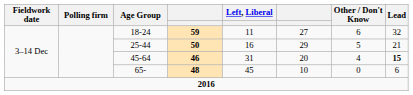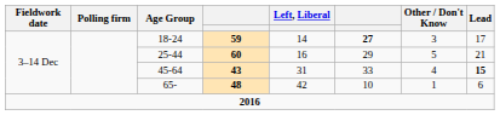 <table class="wikitable collapsible sortable" style="text-align:center;font-size:85%;line-height:14px">
 <tr>
 <th style="width:80px;" rowspan="2">Fieldwork date</th>
 <th style="width:80px;" rowspan="2">Polling firm</th>
 <th style="width:80px;" rowspan="2">Age Group</th>
 <th style="width:80px;" class="unsortable"></th>
 <th style="width:80px;" class="unsortable"><a href='#'>Left</a>, <a href='#'>Liberal</a></th>
 <th style="width:80px;" class="unsortable"></th>
 <th style="width:80px;" rowspan="2" class="unsortable">Other / Don't Know</th>
 <th class="unsortable" style="width:20px;" rowspan="2">Lead</th>
 </tr>
 <tr>
 <th class="unsortable" style="color:inherit;background:"></th>
 <th class="unsortable" style="color:inherit;background:"></th>
 <th class="unsortable" style="color:inherit;background:"></th>
 </tr>
 <tr>
 <td rowspan=4>3–14 Dec</td>
 <td rowspan=4></td>
 <td>18-24</td>
 <td style="background:#FFE5B4"><strong>59</strong></td>
-<td>11</td>
-<td>27</td>
-<td>6</td>
-<td style="background:">32</td>
+<td>14</td>
+<td><strong>27</strong></td>
+<td>3</td>
+<td style="background:">17</td>
 </tr>
 <tr>
 <td>25-44</td>
-<td style="background:#FFE5B4"><strong>50</strong></td>
+<td style="background:#FFE5B4"><strong>60</strong></td>
 <td>16</td>
 <td>29</td>
 <td>5</td>
 <td style="background:">21</td>
 </tr>
 <tr>
 <td>45-64</td>
-<td style="background:#FFE5B4"><strong>46</strong></td>
+<td style="background:#FFE5B4"><strong>43</strong></td>
 <td>31</td>
-<td>20</td>
+<td>33</td>
 <td>4</td>
 <td style="background:"><strong>15</strong></td>
 </tr>
 <tr>
 <td>65-</td>
 <td style="background:#FFE5B4"><strong>48</strong></td>
-<td>45</td>
+<td>42</td>
 <td>10</td>
-<td>0</td>
+<td>1</td>
 <td style="background:">6</td>
 </tr>
 <tr>
 <td colspan="8"><strong>2016</strong></td>
 </tr>
 </table>
